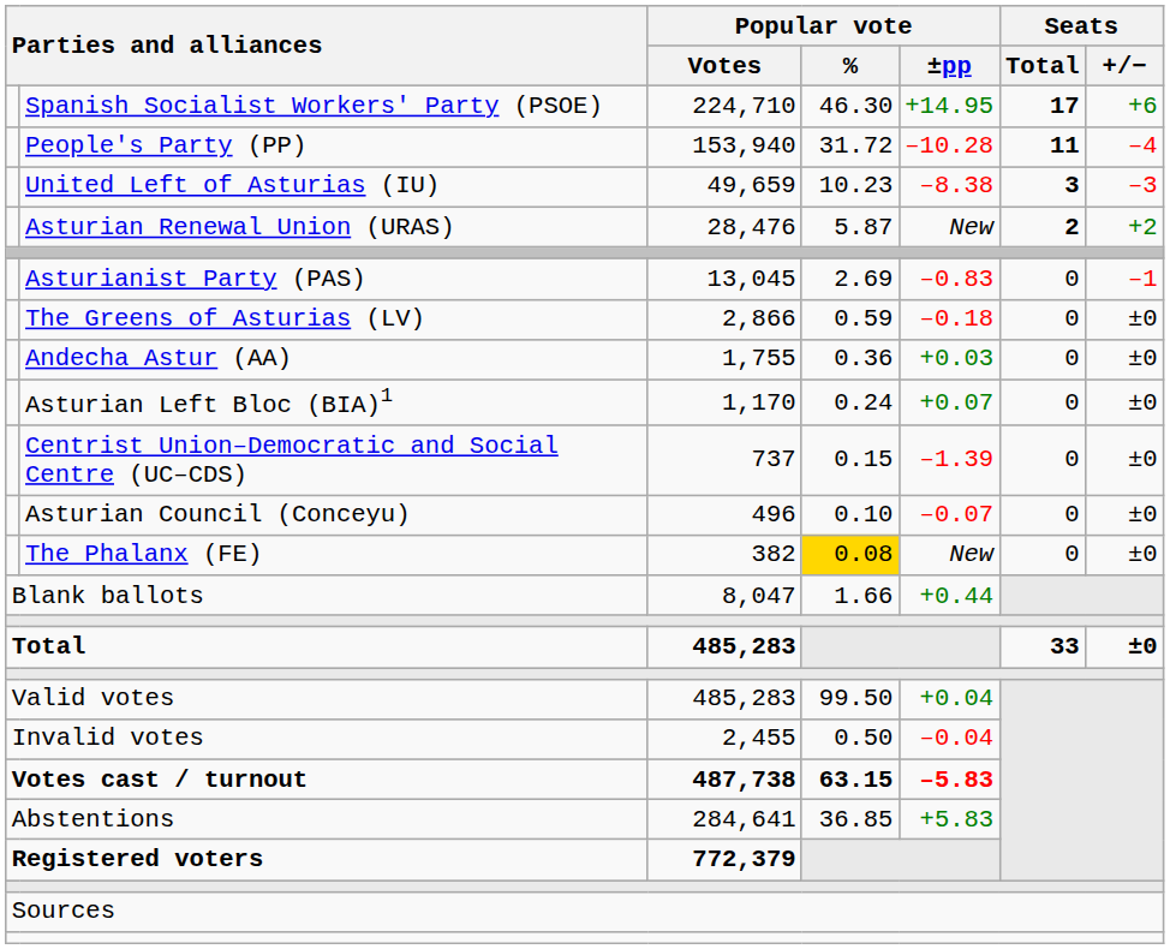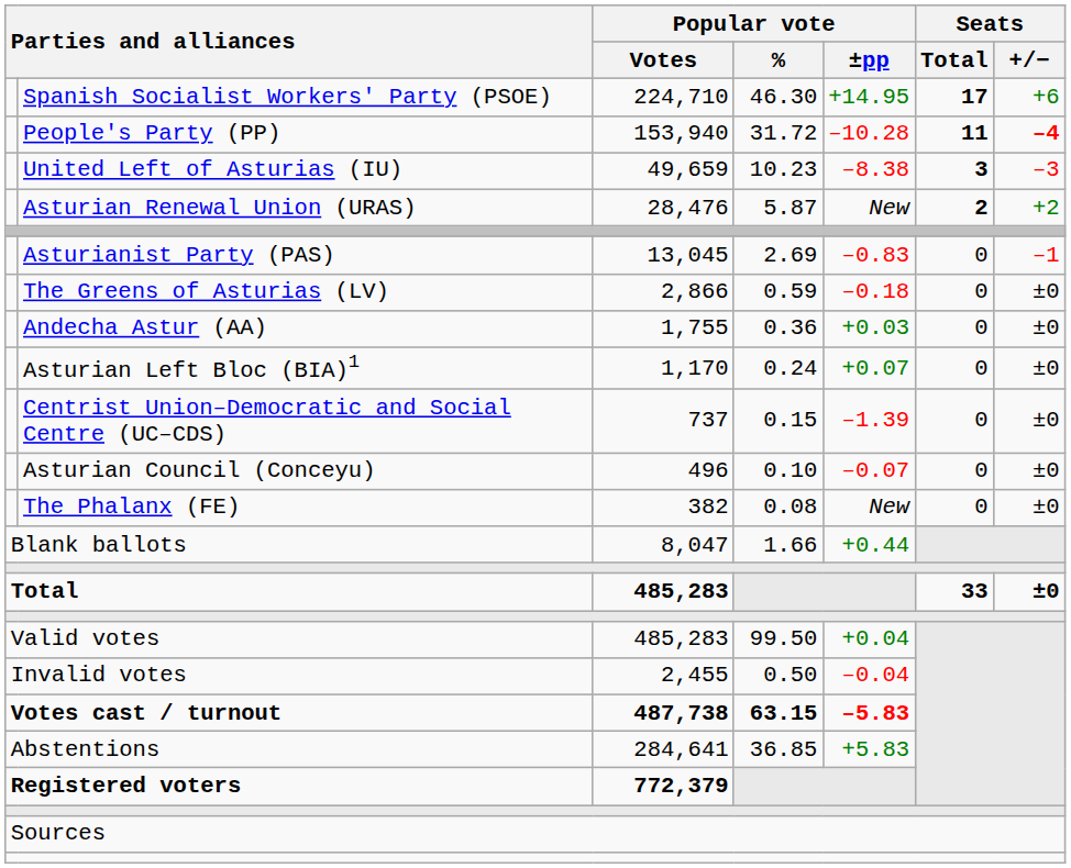 <table class="wikitable" style="text-align:right;">
 <tr>
 <th style="text-align:left;" rowspan="2" colspan="2" width="525">Parties and alliances</th>
 <th colspan="3">Popular vote</th>
 <th colspan="2">Seats</th>
 </tr>
 <tr>
 <th width="75">Votes</th>
 <th width="45">%</th>
 <th width="45">±<a href='#'>pp</a></th>
 <th width="35">Total</th>
 <th width="35">+/−</th>
 </tr>
 <tr>
 <td width="1" style="color:inherit;background:"></td>
 <td align="left"><a href='#'>Spanish Socialist Workers' Party</a> (PSOE)</td>
 <td>224,710</td>
 <td>46.30</td>
 <td style="color:green;">+14.95</td>
 <td><strong>17</strong></td>
 <td style="color:green;">+6</td>
 </tr>
 <tr>
 <td style="color:inherit;background:"></td>
 <td align="left"><a href='#'>People's Party</a> (PP)</td>
 <td>153,940</td>
 <td>31.72</td>
 <td style="color:red;">–10.28</td>
 <td><strong>11</strong></td>
-<td style="color:red;">–4</td>
+<td style="color:red;"><strong>–4</strong></td>
 </tr>
 <tr>
 <td style="color:inherit;background:"></td>
 <td align="left"><a href='#'>United Left of Asturias</a> (IU)</td>
 <td>49,659</td>
 <td>10.23</td>
 <td style="color:red;">–8.38</td>
 <td><strong>3</strong></td>
 <td style="color:red;">–3</td>
 </tr>
 <tr>
 <td style="color:inherit;background:"></td>
 <td align="left"><a href='#'>Asturian Renewal Union</a> (URAS)</td>
 <td>28,476</td>
 <td>5.87</td>
 <td><em>New</em></td>
 <td><strong>2</strong></td>
 <td style="color:green;">+2</td>
 </tr>
 <tr>
 <td colspan="7" bgcolor="#C0C0C0"></td>
 </tr>
 <tr>
 <td style="color:inherit;background:"></td>
 <td align="left"><a href='#'>Asturianist Party</a> (PAS)</td>
 <td>13,045</td>
 <td>2.69</td>
 <td style="color:red;">–0.83</td>
 <td>0</td>
 <td style="color:red;">–1</td>
 </tr>
 <tr>
 <td style="color:inherit;background:"></td>
 <td align="left"><a href='#'>The Greens of Asturias</a> (LV)</td>
 <td>2,866</td>
 <td>0.59</td>
 <td style="color:red;">–0.18</td>
 <td>0</td>
 <td>±0</td>
 </tr>
 <tr>
 <td style="color:inherit;background:"></td>
 <td align="left"><a href='#'>Andecha Astur</a> (AA)</td>
 <td>1,755</td>
 <td>0.36</td>
 <td style="color:green;">+0.03</td>
 <td>0</td>
 <td>±0</td>
 </tr>
 <tr>
 <td style="color:inherit;background:"></td>
 <td align="left">Asturian Left Bloc (BIA)<sup>1</sup></td>
 <td>1,170</td>
 <td>0.24</td>
 <td style="color:green;">+0.07</td>
 <td>0</td>
 <td>±0</td>
 </tr>
 <tr>
 <td style="color:inherit;background:"></td>
 <td align="left"><a href='#'>Centrist Union–Democratic and Social Centre</a> (UC–CDS)</td>
 <td>737</td>
 <td>0.15</td>
 <td style="color:red;">–1.39</td>
 <td>0</td>
 <td>±0</td>
 </tr>
 <tr>
 <td style="color:inherit;background:"></td>
 <td align="left">Asturian Council (Conceyu)</td>
 <td>496</td>
 <td>0.10</td>
 <td style="color:red;">–0.07</td>
 <td>0</td>
 <td>±0</td>
 </tr>
 <tr>
 <td style="color:inherit;background:"></td>
 <td align="left"><a href='#'>The Phalanx</a> (FE)</td>
 <td>382</td>
-<td style="background: gold;">0.08</td>
+<td>0.08</td>
 <td><em>New</em></td>
 <td>0</td>
 <td>±0</td>
 </tr>
 <tr>
 <td align="left" colspan="2">Blank ballots</td>
 <td>8,047</td>
 <td>1.66</td>
 <td style="color:green;">+0.44</td>
 <td bgcolor="#E9E9E9" colspan="2"></td>
 </tr>
 <tr>
 <td colspan="7" bgcolor="#E9E9E9"></td>
 </tr>
 <tr style="font-weight:bold;">
 <td align="left" colspan="2">Total</td>
 <td>485,283</td>
 <td bgcolor="#E9E9E9" colspan="2"></td>
 <td>33</td>
 <td>±0</td>
 </tr>
 <tr>
 <td colspan="7" bgcolor="#E9E9E9"></td>
 </tr>
 <tr>
 <td align="left" colspan="2">Valid votes</td>
 <td>485,283</td>
 <td>99.50</td>
 <td style="color:green;">+0.04</td>
 <td bgcolor="#E9E9E9" colspan="2" rowspan="5"></td>
 </tr>
 <tr>
 <td align="left" colspan="2">Invalid votes</td>
 <td>2,455</td>
 <td>0.50</td>
 <td style="color:red;">–0.04</td>
 </tr>
 <tr style="font-weight:bold;">
 <td align="left" colspan="2">Votes cast / turnout</td>
 <td>487,738</td>
 <td>63.15</td>
 <td style="color:red;">–5.83</td>
 </tr>
 <tr>
 <td align="left" colspan="2">Abstentions</td>
 <td>284,641</td>
 <td>36.85</td>
 <td style="color:green;">+5.83</td>
 </tr>
 <tr style="font-weight:bold;">
 <td align="left" colspan="2">Registered voters</td>
 <td>772,379</td>
 <td bgcolor="#E9E9E9" colspan="2"></td>
 </tr>
 <tr>
 <td colspan="7" bgcolor="#E9E9E9"></td>
 </tr>
 <tr>
 <td align="left" colspan="7">Sources</td>
 </tr>
 <tr>
 <td colspan="7" style="text-align:left; max-width:790px;"></td>
 </tr>
 </table>
